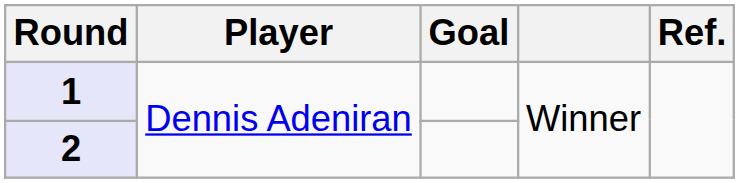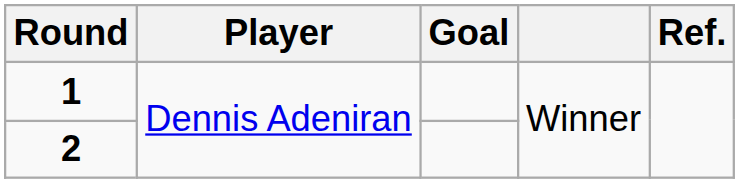 <table class="wikitable" style="text-align:left">
 <tr>
 <th>Round</th>
 <th>Player</th>
 <th>Goal</th>
 <th></th>
 <th>Ref.</th>
 </tr>
 <tr>
-<td align="center" style="background: lavender;"><strong>1</strong></td>
+<td align="center"><strong>1</strong></td>
 <td rowspan="2"> <a href='#'>Dennis Adeniran</a></td>
 <td></td>
 <td rowspan="2">Winner</td>
 <td rowspan="2"></td>
 </tr>
 <tr>
-<td align="center" style="background: lavender;"><strong>2</strong></td>
+<td align="center"><strong>2</strong></td>
 <td></td>
 </tr>
 </table>
